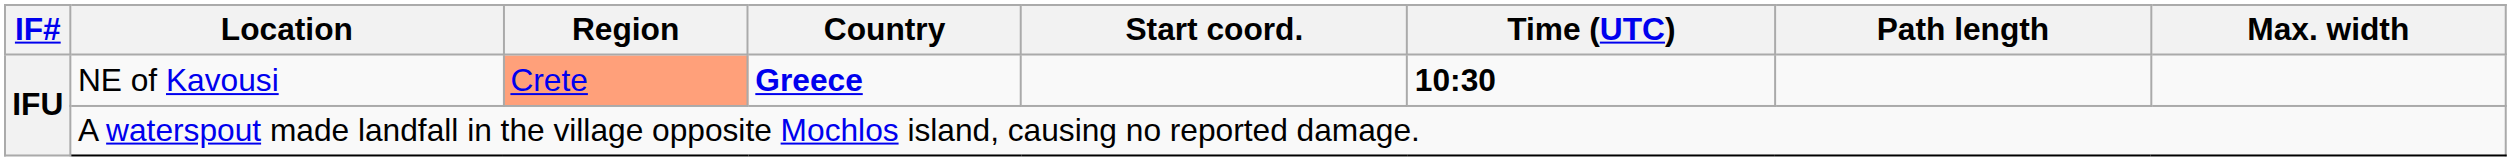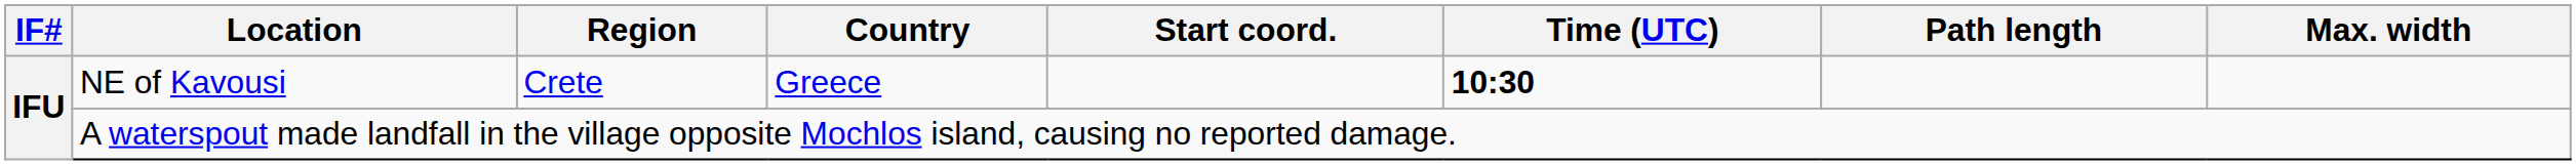 <table class="wikitable sortable" style="width:100%;">
 <tr>
 <th scope="col" width="2%" align="center"><a href='#'>IF#</a></th>
 <th scope="col" align="center" class="unsortable">Location</th>
 <th scope="col" align="center" class="unsortable">Region</th>
 <th scope="col" align="center">Country</th>
 <th scope="col" align="center">Start coord.</th>
 <th scope="col" align="center">Time (<a href='#'>UTC</a>)</th>
 <th scope="col" align="center">Path length</th>
 <th scope="col" align="center">Max. width</th>
 </tr>
 <tr>
 <th scope="row" rowspan="2" style="background-color:#">IFU</th>
 <td>NE of <a href='#'>Kavousi</a></td>
-<td style="background: lightsalmon;"><a href='#'>Crete</a></td>
-<td><strong><a href='#'>Greece</a></strong></td>
+<td><a href='#'>Crete</a></td>
+<td><a href='#'>Greece</a></td>
 <td></td>
 <td><strong>10:30</strong></td>
 <td></td>
 <td></td>
 </tr>
 <tr class="expand-child">
 <td colspan="8" style=" border-bottom: 1px solid black;">A <a href='#'>waterspout</a> made landfall in the village opposite <a href='#'>Mochlos</a> island, causing no reported damage.</td>
 </tr>
 </table>
